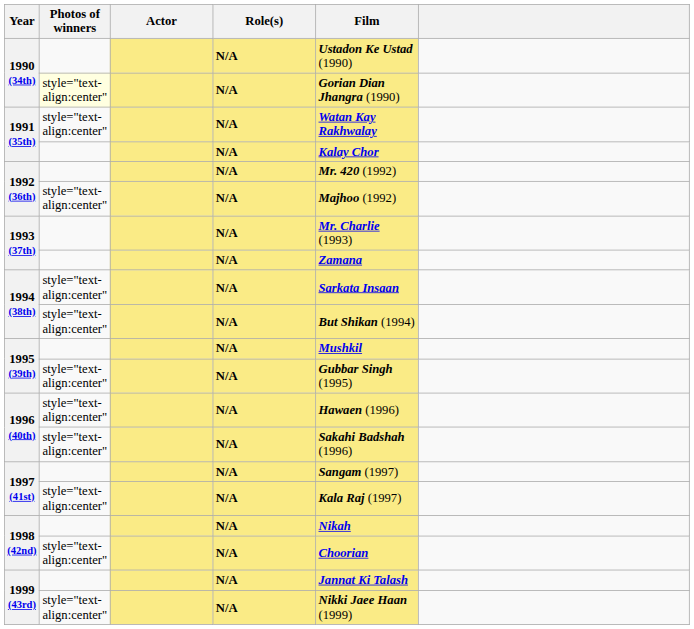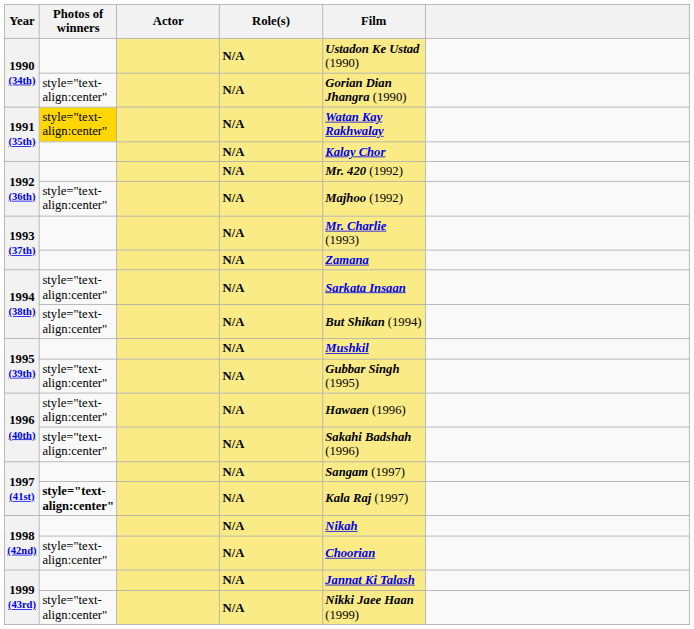 <table class="wikitable sortable" style="text-align:left;">
 <tr>
 <th scope="col" style="width:3%; text-align:center;">Year</th>
 <th scope="col" style="width:3%;text-align:center;">Photos of winners</th>
 <th scope="col" style="width:15%;text-align:center;">Actor</th>
 <th scope="col" style="width:15%;text-align:center;">Role(s)</th>
 <th scope="col" style="width:15%;text-align:center;">Film</th>
 <th scope="col" class="unsortable"></th>
 </tr>
 <tr>
 <th scope="row" rowspan=2 style="text-align:center">1990 <br><small><a href='#'>(34th)</a> </small></th>
 <td style="text-align:center"></td>
 <td style="background:#FAEB86;"><strong></strong> </td>
 <td style="background:#FAEB86;"><strong>N/A</strong></td>
 <td style="background:#FAEB86;"><strong><em>Ustadon Ke Ustad</em></strong> (1990)</td>
 <td></td>
 </tr>
 <tr>
-<td style="background: lightyellow;">style="text-align:center" </td>
+<td>style="text-align:center" </td>
 <td style="background:#FAEB86;"><strong></strong> </td>
 <td style="background:#FAEB86;"><strong>N/A</strong></td>
 <td style="background:#FAEB86;"><strong><em>Gorian Dian Jhangra</em></strong> (1990)</td>
 <td></td>
 </tr>
 <tr>
 <th scope="row" rowspan=2 style="text-align:center">1991 <br><small><a href='#'>(35th)</a> </small></th>
-<td>style="text-align:center" </td>
+<td style="background: gold;">style="text-align:center" </td>
 <td style="background:#FAEB86;"><strong></strong> </td>
 <td style="background:#FAEB86;"><strong>N/A</strong></td>
 <td style="background:#FAEB86;"><strong><em><a href='#'>Watan Kay Rakhwalay</a></em></strong></td>
 <td></td>
 </tr>
 <tr>
 <td style="text-align:center"></td>
 <td style="background:#FAEB86;"><strong></strong> </td>
 <td style="background:#FAEB86;"><strong>N/A</strong></td>
 <td style="background:#FAEB86;"><strong><em><a href='#'>Kalay Chor</a></em></strong></td>
 <td></td>
 </tr>
 <tr>
 <th scope="row" rowspan=2 style="text-align:center">1992 <br><small><a href='#'>(36th)</a> </small></th>
 <td style="text-align:center"></td>
 <td style="background:#FAEB86;"><strong></strong> </td>
 <td style="background:#FAEB86;"><strong>N/A</strong></td>
 <td style="background:#FAEB86;"><strong><em>Mr. 420</em></strong> (1992)</td>
 <td></td>
 </tr>
 <tr>
 <td>style="text-align:center" </td>
 <td style="background:#FAEB86;"><strong></strong> </td>
 <td style="background:#FAEB86;"><strong>N/A</strong></td>
 <td style="background:#FAEB86;"><strong><em>Majhoo</em></strong> (1992)</td>
 <td></td>
 </tr>
 <tr>
 <th scope="row" rowspan=2 style="text-align:center">1993 <br><small><a href='#'>(37th)</a> </small></th>
 <td style="text-align:center"></td>
 <td style="background:#FAEB86;"><strong></strong> </td>
 <td style="background:#FAEB86;"><strong>N/A</strong></td>
 <td style="background:#FAEB86;"><strong><em><a href='#'>Mr. Charlie</a></em></strong> (1993)</td>
 <td></td>
 </tr>
 <tr>
 <td style="text-align:center"></td>
 <td style="background:#FAEB86;"><strong></strong> </td>
 <td style="background:#FAEB86;"><strong>N/A</strong></td>
 <td style="background:#FAEB86;"><strong><em><a href='#'>Zamana</a></em></strong></td>
 <td></td>
 </tr>
 <tr>
 <th scope="row" rowspan=2 style="text-align:center">1994 <br><small><a href='#'>(38th)</a> </small></th>
 <td>style="text-align:center" </td>
 <td style="background:#FAEB86;"><strong></strong> </td>
 <td style="background:#FAEB86;"><strong>N/A</strong></td>
 <td style="background:#FAEB86;"><strong><em><a href='#'>Sarkata Insaan</a></em></strong></td>
 <td></td>
 </tr>
 <tr>
 <td>style="text-align:center" </td>
 <td style="background:#FAEB86;"><strong></strong> </td>
 <td style="background:#FAEB86;"><strong>N/A</strong></td>
 <td style="background:#FAEB86;"><strong><em>But Shikan</em></strong> (1994)</td>
 <td></td>
 </tr>
 <tr>
 <th scope="row" rowspan=2 style="text-align:center">1995 <br><small><a href='#'>(39th)</a> </small></th>
 <td style="text-align:center"></td>
 <td style="background:#FAEB86;"><strong></strong> </td>
 <td style="background:#FAEB86;"><strong>N/A</strong></td>
 <td style="background:#FAEB86;"><strong><em><a href='#'>Mushkil</a></em></strong></td>
 <td></td>
 </tr>
 <tr>
 <td>style="text-align:center" </td>
 <td style="background:#FAEB86;"><strong></strong> </td>
 <td style="background:#FAEB86;"><strong>N/A</strong></td>
 <td style="background:#FAEB86;"><strong><em>Gubbar Singh</em></strong> (1995)</td>
 <td></td>
 </tr>
 <tr>
 <th scope="row" rowspan=2 style="text-align:center">1996 <br><small><a href='#'>(40th)</a> </small></th>
 <td>style="text-align:center" </td>
 <td style="background:#FAEB86;"><strong></strong> </td>
 <td style="background:#FAEB86;"><strong>N/A</strong></td>
 <td style="background:#FAEB86;"><strong><em>Hawaen</em></strong> (1996)</td>
 <td></td>
 </tr>
 <tr>
 <td>style="text-align:center" </td>
 <td style="background:#FAEB86;"><strong></strong> </td>
 <td style="background:#FAEB86;"><strong>N/A</strong></td>
 <td style="background:#FAEB86;"><strong><em>Sakahi Badshah</em></strong> (1996)</td>
 <td></td>
 </tr>
 <tr>
 <th scope="row" rowspan=2 style="text-align:center">1997 <br><small><a href='#'>(41st)</a> </small></th>
 <td style="text-align:center"></td>
 <td style="background:#FAEB86;"><strong></strong> </td>
 <td style="background:#FAEB86;"><strong>N/A</strong></td>
 <td style="background:#FAEB86;"><strong><em>Sangam</em></strong> (1997)</td>
 <td></td>
 </tr>
 <tr>
-<td>style="text-align:center" </td>
+<td><strong>style="text-align:center" </strong></td>
 <td style="background:#FAEB86;"><strong></strong> </td>
 <td style="background:#FAEB86;"><strong>N/A</strong></td>
 <td style="background:#FAEB86;"><strong><em>Kala Raj</em></strong> (1997)</td>
 <td></td>
 </tr>
 <tr>
 <th scope="row" rowspan=2 style="text-align:center">1998 <br><small><a href='#'>(42nd)</a> </small></th>
 <td style="text-align:center"></td>
 <td style="background:#FAEB86;"><strong></strong> </td>
 <td style="background:#FAEB86;"><strong>N/A</strong></td>
 <td style="background:#FAEB86;"><strong><em><a href='#'>Nikah</a></em></strong></td>
 <td></td>
 </tr>
 <tr>
 <td>style="text-align:center" </td>
 <td style="background:#FAEB86;"><strong></strong> </td>
 <td style="background:#FAEB86;"><strong>N/A</strong></td>
 <td style="background:#FAEB86;"><strong><em><a href='#'>Choorian</a></em></strong></td>
 <td></td>
 </tr>
 <tr>
 <th scope="row" rowspan=2 style="text-align:center">1999 <br><small><a href='#'>(43rd)</a> </small></th>
 <td style="text-align:center"></td>
 <td style="background:#FAEB86;"><strong></strong> </td>
 <td style="background:#FAEB86;"><strong>N/A</strong></td>
 <td style="background:#FAEB86;"><strong><em><a href='#'>Jannat Ki Talash</a></em></strong></td>
 <td></td>
 </tr>
 <tr>
 <td>style="text-align:center" </td>
 <td style="background:#FAEB86;"><strong></strong> </td>
 <td style="background:#FAEB86;"><strong>N/A</strong></td>
 <td style="background:#FAEB86;"><strong><em>Nikki Jaee Haan</em></strong> (1999)</td>
 <td></td>
 </tr>
 </table>
